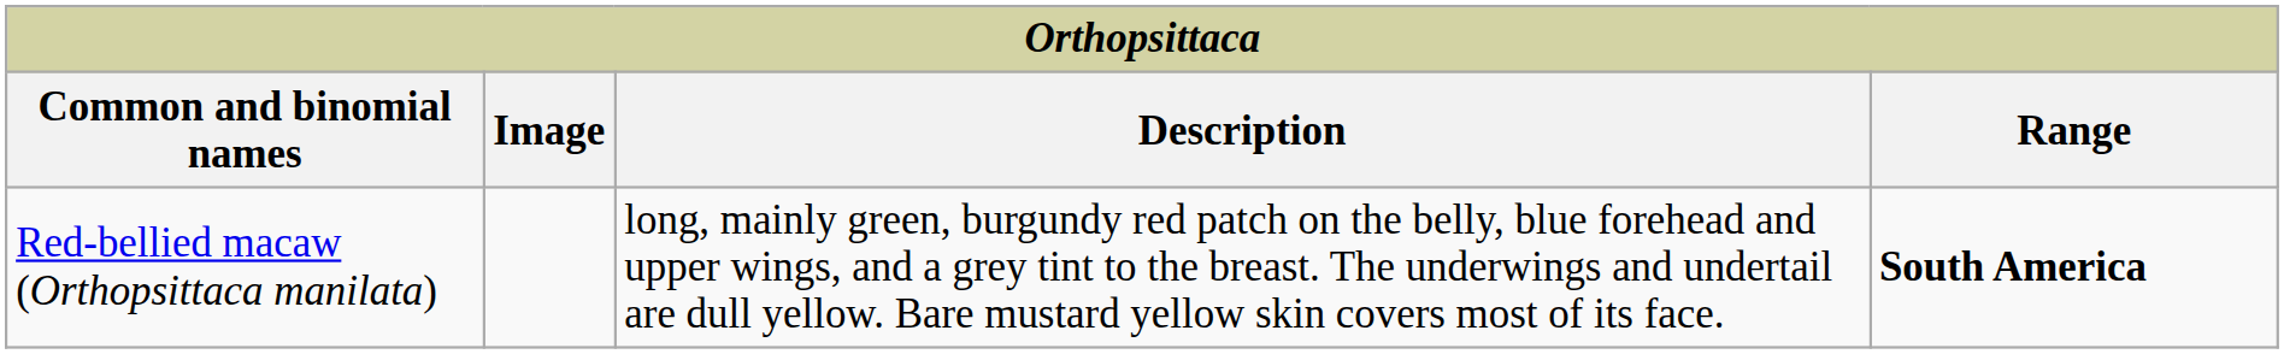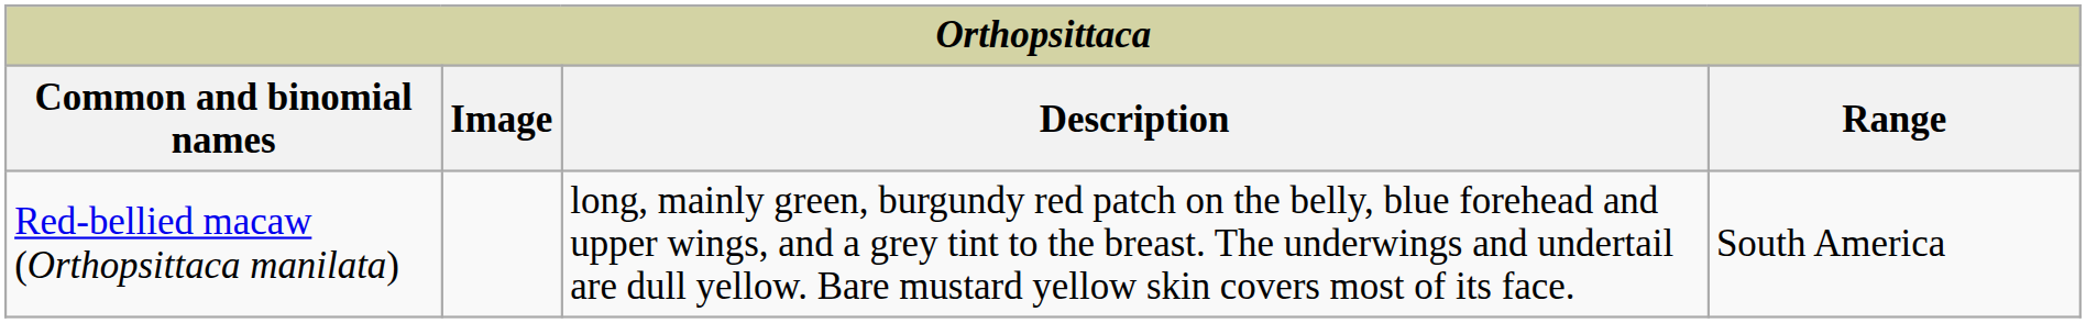 <table width = 98% class="wikitable">
 <tr>
 <th align="center" style="background-color: #D3D3A4" colspan ="4"><em>Orthopsittaca</em></th>
 </tr>
 <tr>
 <th width = "21%">Common and binomial names</th>
 <th>Image</th>
 <th align="center">Description</th>
 <th width = "18%">Range</th>
 </tr>
 <tr>
 <td><a href='#'>Red-bellied macaw</a><br>(<em>Orthopsittaca manilata</em>)</td>
 <td></td>
 <td> long, mainly green, burgundy red patch on the belly, blue forehead and upper wings, and a grey tint to the breast. The underwings and undertail are dull yellow. Bare mustard yellow skin covers most of its face.</td>
-<td><strong>South America</strong></td>
+<td>South America</td>
 </tr>
 </table>
